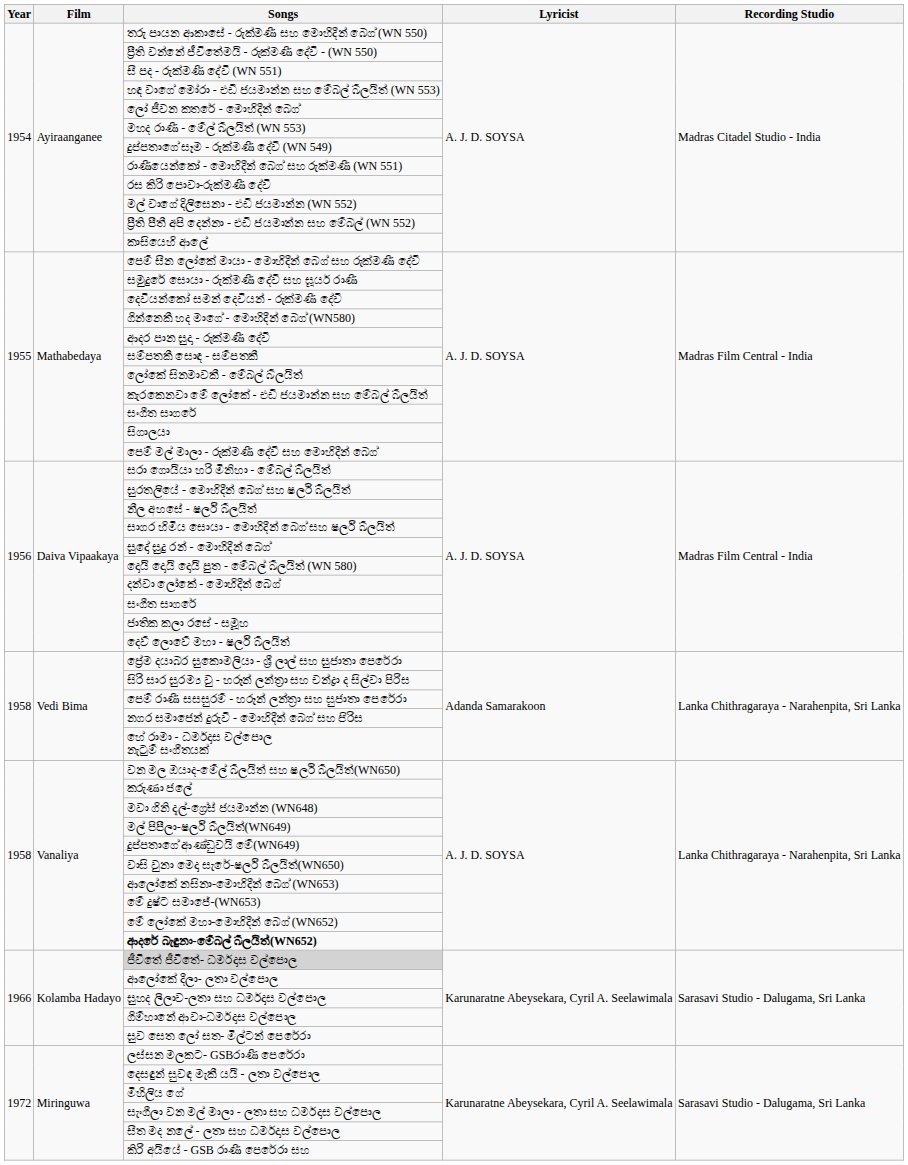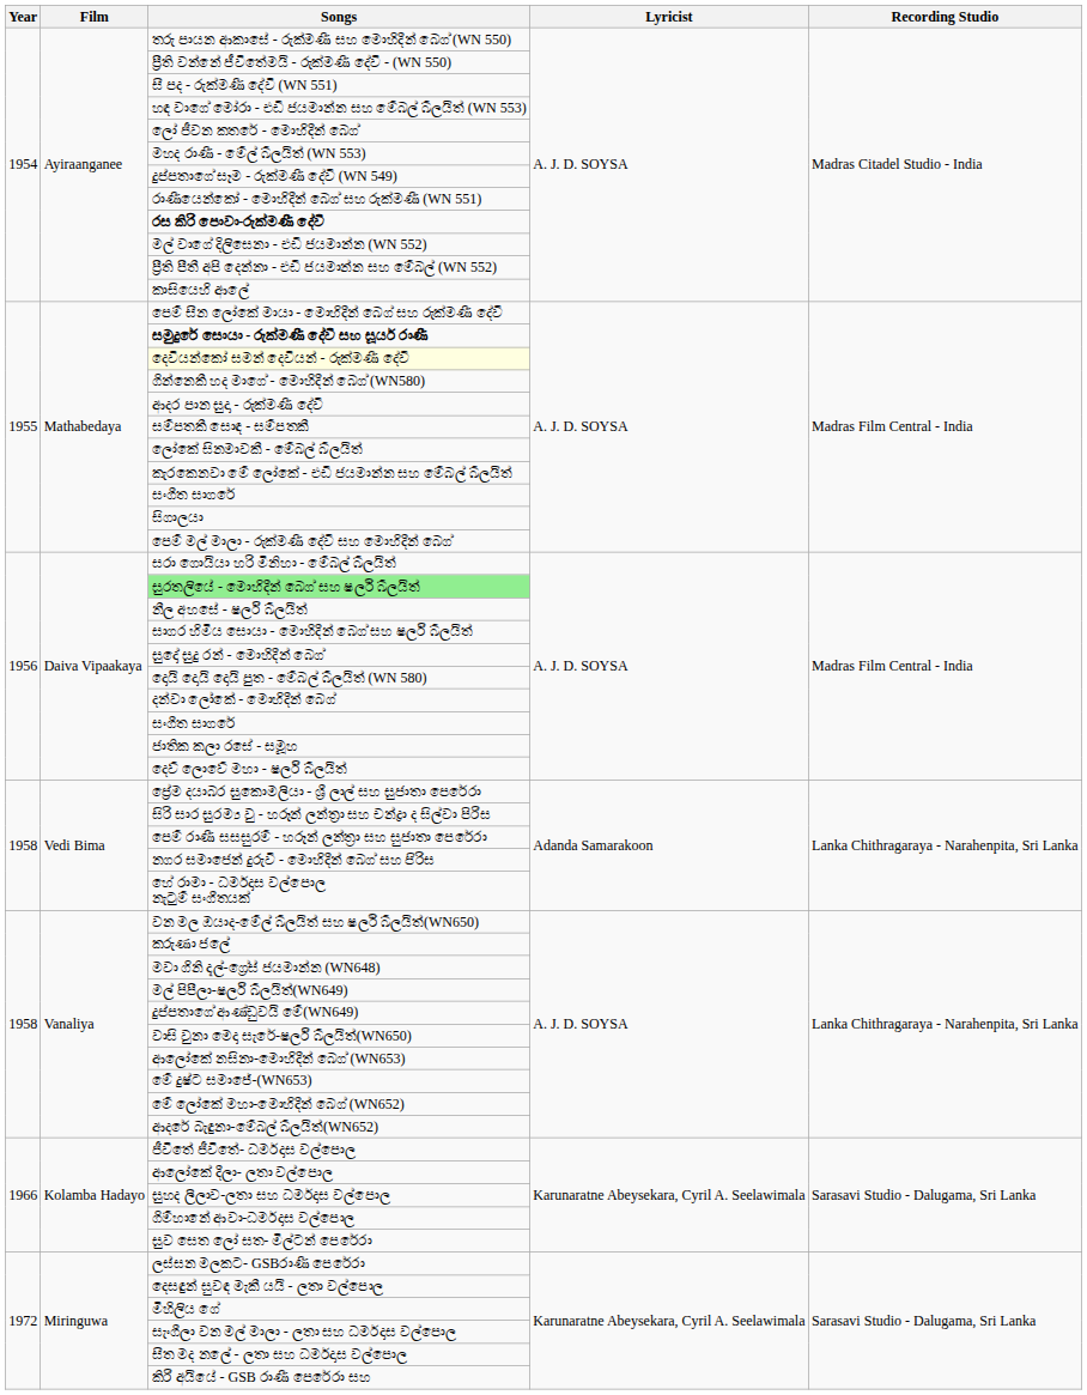 <table class="wikitable sortable">
 <tr>
 <th>Year</th>
 <th>Film</th>
 <th>Songs</th>
 <th>Lyricist</th>
 <th>Recording Studio</th>
 </tr>
 <tr>
 <td rowspan="12">1954</td>
 <td rowspan="12">Ayiraanganee</td>
 <td>තරු පායන ආකාසේ - රුක්මණී සහ මොහිදීන්  බෙග් (WN 550)</td>
 <td rowspan="12">A. J. D. SOYSA</td>
 <td rowspan="12">Madras Citadel Studio - India</td>
 </tr>
 <tr>
 <td>ප්‍රීති වන්නේ ජීවිතේමයි - රුක්මණී දේවි - (WN 550)</td>
 </tr>
 <tr>
 <td>සී පද - රුක්මණී දේවි (WN 551)</td>
 </tr>
 <tr>
 <td>හඳ වාගේ මෝරා - එඩී ජයමාන්න සහ මේබල් බ්ලයිත් (WN 553)</td>
 </tr>
 <tr>
 <td>ලෝ ජීවන කතරේ - මොහිදීන් බෙග්</td>
 </tr>
 <tr>
 <td>මහද රාණී - මේල් බ්ලයිත් (WN 553)</td>
 </tr>
 <tr>
 <td>දුප්පතාගේ සෑම - රුක්මණී දේවී (WN 549)</td>
 </tr>
 <tr>
 <td>රාණීයෙන්කෝ - මොහිදීන් බෙග් සහ රුක්මණී (WN 551)</td>
 </tr>
 <tr>
-<td>රස කිරි පොවා-රුක්මණී දේවි</td>
+<td><strong>රස කිරි පොවා-රුක්මණී දේවි</strong></td>
 </tr>
 <tr>
 <td>මල් වාගේ දිලිසෙනා - එඩී ජයමාන්න (WN 552)</td>
 </tr>
 <tr>
 <td>ප්‍රීති පීතී අපි දෙන්නා - එඩී ජයමාන්න  සහ මේබල් (WN 552)</td>
 </tr>
 <tr>
 <td>කාසියෙහි ආලේ</td>
 </tr>
 <tr>
 <td rowspan="11">1955</td>
 <td rowspan="11">Mathabedaya</td>
 <td>පෙම් සීන ලෝකේ මායා - මොහිදීන් බෙග් සහ රුක්මණී දේවී</td>
 <td rowspan="11">A. J. D. SOYSA</td>
 <td rowspan="11">Madras Film Central - India</td>
 </tr>
 <tr>
-<td>සමුදුරේ සොයා - රුක්මණී දේවී සහ සූර්ය රාණී</td>
+<td><strong>සමුදුරේ සොයා - රුක්මණී දේවී සහ සූර්ය රාණී</strong></td>
 </tr>
 <tr>
-<td>දෙවියන්කෝ සමන් දෙවියන් - රුක්මණී දේවී</td>
+<td style="background: lightyellow;">දෙවියන්කෝ සමන් දෙවියන් - රුක්මණී දේවී</td>
 </tr>
 <tr>
 <td>ගින්නෙකී හද මාගේ - මොහිදීන් බෙග් (WN580)</td>
 </tr>
 <tr>
 <td>ආදර පාන සුදා - රුක්මණී දේවී</td>
 </tr>
 <tr>
 <td>සම්පතකී සොඳ - සම්පතකී</td>
 </tr>
 <tr>
 <td>ලෝකේ සිනමාවකී - මේබල් බ්ලයිත්</td>
 </tr>
 <tr>
 <td>කැරකෙනවා මේ ලෝකේ - එඩී ජයමාන්න සහ මේබල් බ්ලයිත්</td>
 </tr>
 <tr>
 <td>සංගීත සාගරේ</td>
 </tr>
 <tr>
 <td>සිගාලයා</td>
 </tr>
 <tr>
 <td>පෙම් මල් මාලා - රුක්මණී දේවී සහ මොහිදීන් බෙග්</td>
 </tr>
 <tr>
 <td rowspan="10">1956</td>
 <td rowspan="10">Daiva Vipaakaya</td>
 <td>සරා ගොයියා හරි මිනිහා - මේබල් බ්ලයිත්</td>
 <td rowspan="10">A. J. D. SOYSA</td>
 <td rowspan="10">Madras Film Central - India</td>
 </tr>
 <tr>
-<td>සුරතලියේ - මොහිදීන් බෙග් සහ ෂර්ලි බ්ලයිත්</td>
+<td style="background: lightgreen;">සුරතලියේ - මොහිදීන් බෙග් සහ ෂර්ලි බ්ලයිත්</td>
 </tr>
 <tr>
 <td>නීල අහසේ - ෂර්ලි බ්ලයිත්</td>
 </tr>
 <tr>
 <td>සාගර හිමිය සොයා - මොහිදීන් බෙග් සහ ෂර්ලි බ්ලයිත්</td>
 </tr>
 <tr>
 <td>සුදෝ සුදු රන් - මොහිදීන් බෙග්</td>
 </tr>
 <tr>
 <td>දොයි දොයි දොයි පුත - මේබල් බ්ලයිත් (WN 580)</td>
 </tr>
 <tr>
 <td>දන්වා ලෝකේ - මොහිදීන් බෙග්</td>
 </tr>
 <tr>
 <td>සංගීත සාගරේ</td>
 </tr>
 <tr>
 <td>ජාතික කලා රසේ - සමූහ</td>
 </tr>
 <tr>
 <td>දෙව් ලොවේ මහා - ෂර්ලි බ්ලයිත්</td>
 </tr>
 <tr>
 <td rowspan="5">1958</td>
 <td rowspan="5">Vedi Bima</td>
 <td>ප්‍රේම දයාබර සුකොමලියා - ශ්‍රී ලාල් සහ සුජාතා පෙරේරා</td>
 <td rowspan="5">Adanda Samarakoon</td>
 <td rowspan="5">Lanka Chithragaraya - Narahenpita, Sri Lanka</td>
 </tr>
 <tr>
 <td>සිරි සාර සුරම්‍ය වු - හරූන් ලන්ත්‍රා සහ චන්ද්‍රා ද සිල්වා පිරිස</td>
 </tr>
 <tr>
 <td>පෙම් රාණී සසසුරම් - හරූන් ලන්ත්‍රා සහ සුජාතා පෙරේරා</td>
 </tr>
 <tr>
 <td>නගර සමාජෙන් දුරුවී - මොහිදීන් බෙග් සහ පිරිස</td>
 </tr>
 <tr>
 <td>හේ රාමා - ධර්මදාස වල්පොල<br>නැටුම් සංගීතයක්</td>
 </tr>
 <tr>
 <td rowspan="10">1958</td>
 <td rowspan="10">Vanaliya</td>
 <td>වන මල ඔයාද-මේල් බ්ලයිත් සහ ෂර්ලි බ්ලයිත්(WN650)</td>
 <td rowspan="10">A. J. D. SOYSA</td>
 <td rowspan="10">Lanka Chithragaraya - Narahenpita, Sri Lanka</td>
 </tr>
 <tr>
 <td>කරුණා ජලේ</td>
 </tr>
 <tr>
 <td>මවා ගිනි දැල්-ග්‍රේස් ජයමාන්න (WN648)</td>
 </tr>
 <tr>
 <td>මල් පිපීලා-ෂර්ලි බ්ලයිත්(WN649)</td>
 </tr>
 <tr>
 <td>දුප්පතාගේ ආණ්ඩුවයි මේ(WN649)</td>
 </tr>
 <tr>
 <td>වාසි වුනා මෙදා සැරේ-ෂර්ලි බ්ලයිත්(WN650)</td>
 </tr>
 <tr>
 <td>ආලෝකේ නසිනා-මොහිදීන් බෙග්  (WN653)</td>
 </tr>
 <tr>
 <td>මේ දුෂ්ට සමාජේ-(WN653)</td>
 </tr>
 <tr>
 <td>මේ ලෝකේ මහා-මොහිදීන් බෙග්  (WN652)</td>
 </tr>
 <tr>
-<td><strong>ආදරේ බැඳුනා-මේබල් බ්ලයිත්(WN652)</strong></td>
+<td>ආදරේ බැඳුනා-මේබල් බ්ලයිත්(WN652)</td>
 </tr>
 <tr>
 <td rowspan="5">1966</td>
 <td rowspan="5">Kolamba Hadayo</td>
-<td style="background: lightgrey;">ජීවිතේ ජීවිතේ- ධර්මදාස වල්පොල</td>
+<td>ජීවිතේ ජීවිතේ- ධර්මදාස වල්පොල</td>
 <td rowspan="5">Karunaratne Abeysekara, Cyril A. Seelawimala</td>
 <td rowspan="5">Sarasavi Studio - Dalugama, Sri Lanka</td>
 </tr>
 <tr>
 <td>ආලෝකේ දීලා- ලතා වල්පොල</td>
 </tr>
 <tr>
 <td>සුහද ලීලාව-ලතා සහ ධර්මදාස වල්පොල</td>
 </tr>
 <tr>
 <td>ගිම්හානේ ආවා-ධර්මදාස වල්පොල</td>
 </tr>
 <tr>
 <td>සුව සෙත ලෝ සත- මිල්ටන් පෙරේරා</td>
 </tr>
 <tr>
 <td rowspan="6">1972</td>
 <td rowspan="6">Miringuwa</td>
 <td>ලස්සන මලකට- GSBරාණී පෙරේරා</td>
 <td rowspan="6">Karunaratne Abeysekara, Cyril A. Seelawimala</td>
 <td rowspan="6">Sarasavi Studio - Dalugama, Sri Lanka</td>
 </tr>
 <tr>
 <td>දෙසඳුන් සුවඳ මැකී යයි - ලතා වල්පොල</td>
 </tr>
 <tr>
 <td>මිහිලිය ගේ</td>
 </tr>
 <tr>
 <td>සැංගීලා වන මල් මාලා - ලතා සහ ධර්මදාස වල්පොල</td>
 </tr>
 <tr>
 <td>සීත මද නලේ - ලතා සහ ධර්මදාස වල්පොල</td>
 </tr>
 <tr>
 <td>කිරි අයියේ - GSB රාණී පෙරේරා සහ</td>
 </tr>
 </table>
